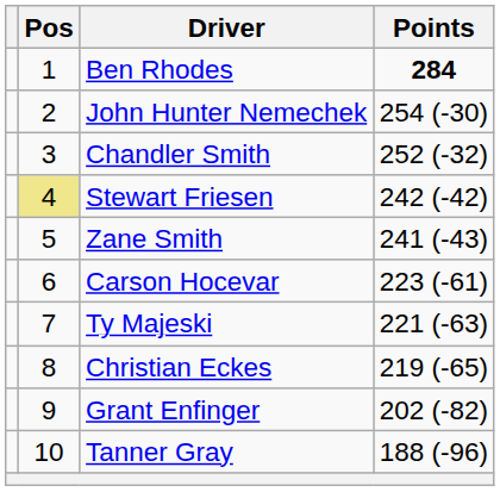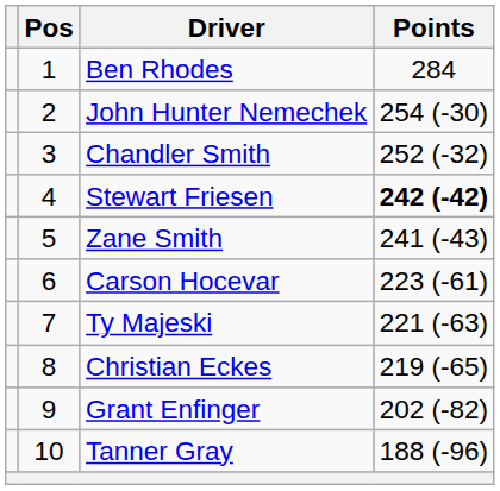 <table class="wikitable" style="font-size: 95%;">
 <tr>
 <th></th>
 <th>Pos</th>
 <th>Driver</th>
 <th>Points</th>
 </tr>
 <tr>
 <td align="left"></td>
 <td style="text-align:center;">1</td>
 <td><a href='#'>Ben Rhodes</a></td>
-<td style="text-align:center;"><strong>284</strong></td>
+<td style="text-align:center;">284</td>
 </tr>
 <tr>
 <td align="left"></td>
 <td style="text-align:center;">2</td>
 <td><a href='#'>John Hunter Nemechek</a></td>
 <td style="text-align:center;">254 (-30)</td>
 </tr>
 <tr>
 <td align="left"></td>
 <td style="text-align:center;">3</td>
 <td><a href='#'>Chandler Smith</a></td>
 <td style="text-align:center;">252 (-32)</td>
 </tr>
 <tr>
 <td align="left"></td>
-<td style="background: khaki; text-align:center;">4</td>
+<td style="text-align:center;">4</td>
 <td><a href='#'>Stewart Friesen</a></td>
-<td style="text-align:center;">242 (-42)</td>
+<td style="text-align:center;"><strong>242 (-42)</strong></td>
 </tr>
 <tr>
 <td align="left"></td>
 <td style="text-align:center;">5</td>
 <td><a href='#'>Zane Smith</a></td>
 <td style="text-align:center;">241 (-43)</td>
 </tr>
 <tr>
 <td align="left"></td>
 <td style="text-align:center;">6</td>
 <td><a href='#'>Carson Hocevar</a></td>
 <td style="text-align:center;">223 (-61)</td>
 </tr>
 <tr>
 <td align="left"></td>
 <td style="text-align:center;">7</td>
 <td><a href='#'>Ty Majeski</a></td>
 <td style="text-align:center;">221 (-63)</td>
 </tr>
 <tr>
 <td align="left"></td>
 <td style="text-align:center;">8</td>
 <td><a href='#'>Christian Eckes</a></td>
 <td style="text-align:center;">219 (-65)</td>
 </tr>
 <tr>
 <td align="left"></td>
 <td style="text-align:center;">9</td>
 <td><a href='#'>Grant Enfinger</a></td>
 <td style="text-align:center;">202 (-82)</td>
 </tr>
 <tr>
 <td align="left"></td>
 <td style="text-align:center;">10</td>
 <td><a href='#'>Tanner Gray</a></td>
 <td style="text-align:center;">188 (-96)</td>
 </tr>
 <tr class="sortbottom">
 <th colspan="9"></th>
 </tr>
 </table>
